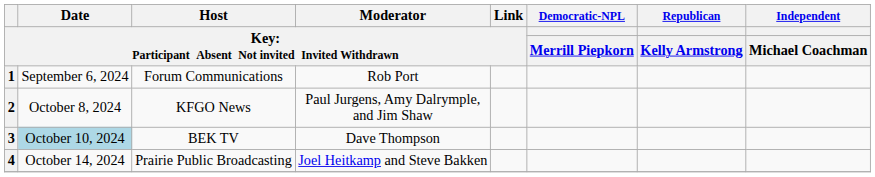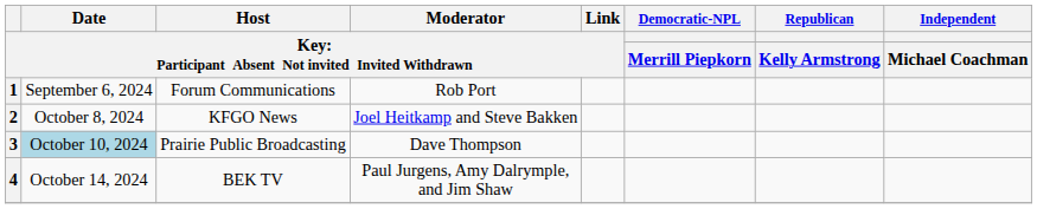 <table class="wikitable" style="text-align:center;">
 <tr>
 <th scope="col"></th>
 <th scope="col">Date</th>
 <th scope="col">Host</th>
 <th scope="col">Moderator</th>
 <th scope="col">Link</th>
 <th scope="col"><small><a href='#'>Democratic-NPL</a></small></th>
 <th scope="col"><small><a href='#'>Republican</a></small></th>
 <th scope="col"><small><a href='#'>Independent</a></small></th>
 </tr>
 <tr>
 <th colspan="5" rowspan="2">Key:<br> <small>Participant </small>  <small>Absent </small>  <small>Not invited </small>  <small>Invited  Withdrawn</small></th>
 <th scope="col" style="background:"></th>
 <th scope="col" style="background:"></th>
 <th scope="col" style="background:"></th>
 </tr>
 <tr>
 <th scope="col"><a href='#'>Merrill Piepkorn</a></th>
 <th scope="col"><a href='#'>Kelly Armstrong</a></th>
 <th scope="col">Michael Coachman</th>
 </tr>
 <tr>
 <th>1</th>
 <td style="white-space:nowrap;">September 6, 2024</td>
 <td style="white-space:nowrap;">Forum Communications</td>
 <td style="white-space:nowrap;">Rob Port</td>
 <td style="white-space:nowrap;"></td>
 <td></td>
 <td></td>
 <td></td>
 </tr>
 <tr>
 <th>2</th>
 <td style="white-space:nowrap;">October 8, 2024</td>
 <td style="white-space:nowrap;">KFGO News</td>
-<td style="white-space:nowrap;">Paul Jurgens, Amy Dalrymple,<br> and Jim Shaw</td>
+<td style="white-space:nowrap;"><a href='#'>Joel Heitkamp</a> and Steve Bakken</td>
 <td style="white-space:nowrap;"></td>
 <td></td>
 <td></td>
 <td></td>
 </tr>
 <tr>
 <th>3</th>
 <td style="background: lightblue; white-space:nowrap;">October 10, 2024</td>
-<td style="white-space:nowrap;">BEK TV</td>
+<td style="white-space:nowrap;">Prairie Public Broadcasting</td>
 <td style="white-space:nowrap;">Dave Thompson</td>
 <td style="white-space:nowrap;"></td>
 <td></td>
 <td></td>
 <td></td>
 </tr>
 <tr>
 <th>4</th>
 <td style="white-space:nowrap;">October 14, 2024</td>
-<td style="white-space:nowrap;">Prairie Public Broadcasting</td>
-<td style="white-space:nowrap;"><a href='#'>Joel Heitkamp</a> and Steve Bakken</td>
+<td style="white-space:nowrap;">BEK TV</td>
+<td style="white-space:nowrap;">Paul Jurgens, Amy Dalrymple,<br> and Jim Shaw</td>
 <td style="white-space:nowrap;"></td>
 <td></td>
 <td></td>
 <td></td>
 </tr>
 <tr>
 </tr>
 </table>
